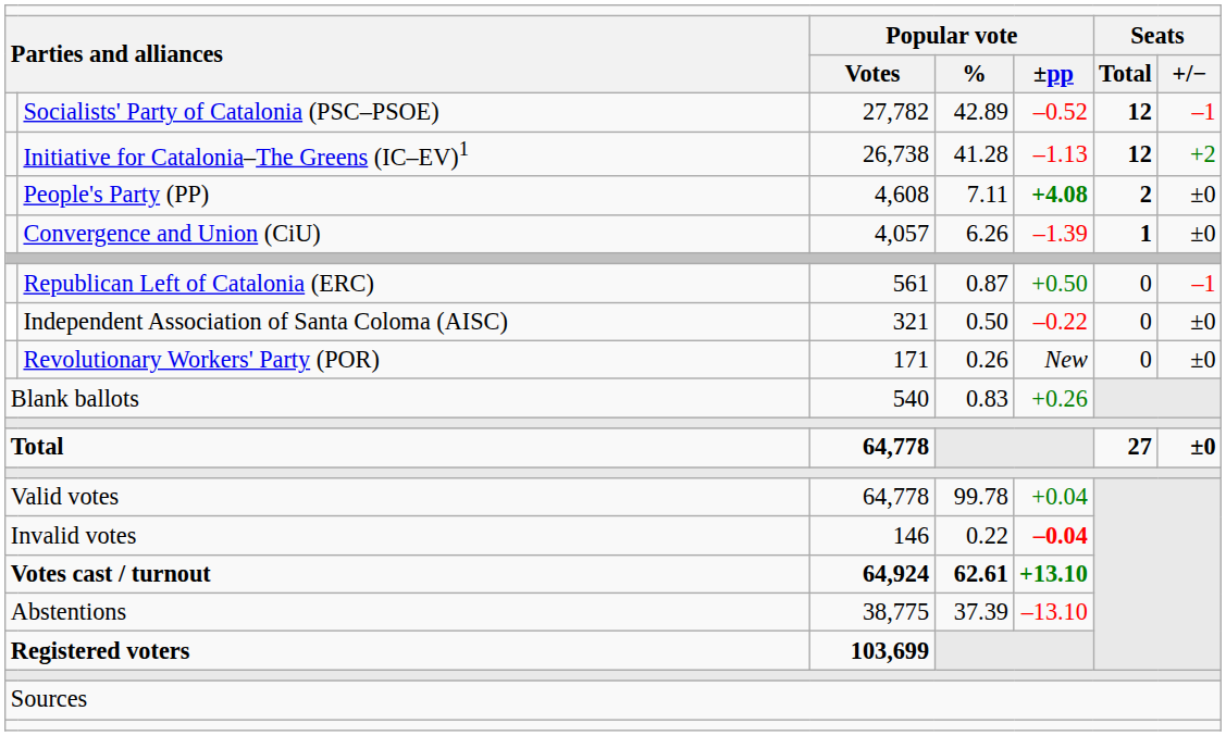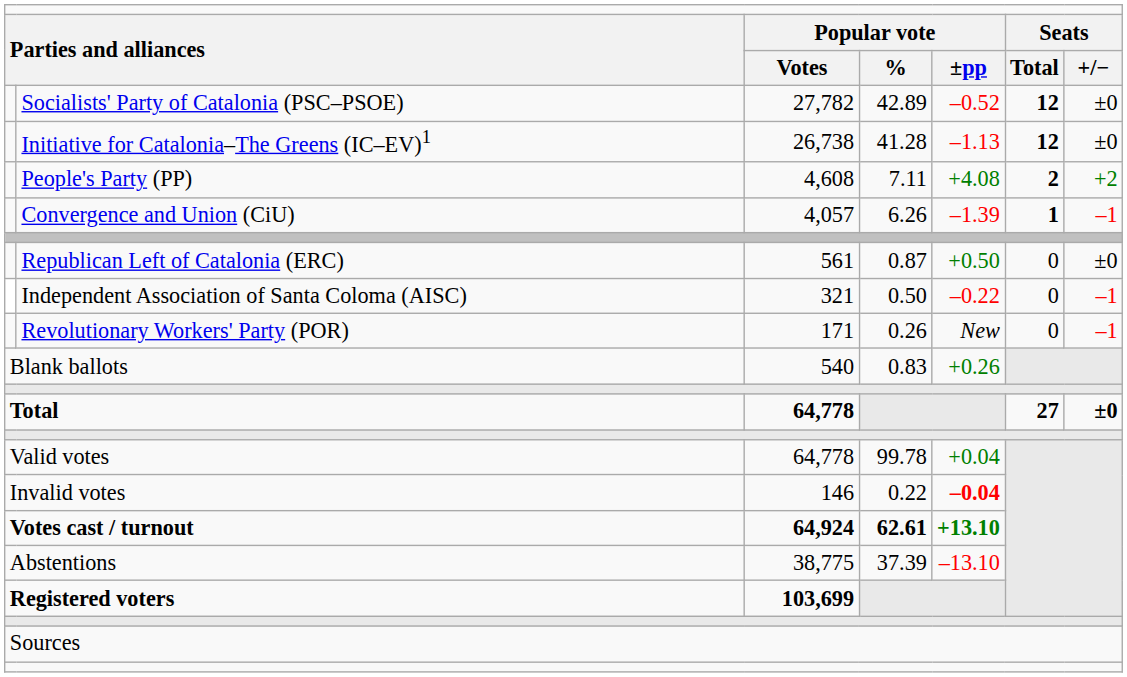 <table class="wikitable" style="text-align:right;">
 <tr>
 <td colspan="7"></td>
 </tr>
 <tr>
 <th style="text-align:left;" rowspan="2" colspan="2" width="525">Parties and alliances</th>
 <th colspan="3">Popular vote</th>
 <th colspan="2">Seats</th>
 </tr>
 <tr>
 <th width="75">Votes</th>
 <th width="45">%</th>
 <th width="45">±<a href='#'>pp</a></th>
 <th width="35">Total</th>
 <th width="35">+/−</th>
 </tr>
 <tr>
 <td width="1" style="color:inherit;background:"></td>
 <td align="left"><a href='#'>Socialists' Party of Catalonia</a> (PSC–PSOE)</td>
 <td>27,782</td>
 <td>42.89</td>
 <td style="color:red;">–0.52</td>
 <td><strong>12</strong></td>
-<td style="color:red;">–1</td>
+<td>±0</td>
 </tr>
 <tr>
 <td style="color:inherit;background:"></td>
 <td align="left"><a href='#'>Initiative for Catalonia</a>–<a href='#'>The Greens</a> (IC–EV)<sup>1</sup></td>
 <td>26,738</td>
 <td>41.28</td>
 <td style="color:red;">–1.13</td>
 <td><strong>12</strong></td>
-<td style="color:green;">+2</td>
+<td>±0</td>
 </tr>
 <tr>
 <td style="color:inherit;background:"></td>
 <td align="left"><a href='#'>People's Party</a> (PP)</td>
 <td>4,608</td>
 <td>7.11</td>
-<td style="color:green;"><strong>+4.08</strong></td>
+<td style="color:green;">+4.08</td>
 <td><strong>2</strong></td>
-<td>±0</td>
+<td style="color:green;">+2</td>
 </tr>
 <tr>
 <td style="color:inherit;background:"></td>
 <td align="left"><a href='#'>Convergence and Union</a> (CiU)</td>
 <td>4,057</td>
 <td>6.26</td>
 <td style="color:red;">–1.39</td>
 <td><strong>1</strong></td>
-<td>±0</td>
+<td style="color:red;">–1</td>
 </tr>
 <tr>
 <td colspan="7" style="color:inherit;background:#C0C0C0"></td>
 </tr>
 <tr>
 <td style="color:inherit;background:"></td>
 <td align="left"><a href='#'>Republican Left of Catalonia</a> (ERC)</td>
 <td>561</td>
 <td>0.87</td>
 <td style="color:green;">+0.50</td>
 <td>0</td>
-<td style="color:red;">–1</td>
+<td>±0</td>
 </tr>
 <tr>
 <td bgcolor="white"></td>
 <td align="left">Independent Association of Santa Coloma (AISC)</td>
 <td>321</td>
 <td>0.50</td>
 <td style="color:red;">–0.22</td>
 <td>0</td>
-<td>±0</td>
+<td style="color:red;">–1</td>
 </tr>
 <tr>
 <td style="color:inherit;background:"></td>
 <td align="left"><a href='#'>Revolutionary Workers' Party</a> (POR)</td>
 <td>171</td>
 <td>0.26</td>
 <td><em>New</em></td>
 <td>0</td>
-<td>±0</td>
+<td style="color:red;">–1</td>
 </tr>
 <tr>
 <td align="left" colspan="2">Blank ballots</td>
 <td>540</td>
 <td>0.83</td>
 <td style="color:green;">+0.26</td>
 <td style="color:inherit;background:#E9E9E9" colspan="2"></td>
 </tr>
 <tr>
 <td colspan="7" style="color:inherit;background:#E9E9E9"></td>
 </tr>
 <tr style="font-weight:bold;">
 <td align="left" colspan="2">Total</td>
 <td>64,778</td>
 <td bgcolor="#E9E9E9" colspan="2"></td>
 <td>27</td>
 <td>±0</td>
 </tr>
 <tr>
 <td colspan="7" style="color:inherit;background:#E9E9E9"></td>
 </tr>
 <tr>
 <td align="left" colspan="2">Valid votes</td>
 <td>64,778</td>
 <td>99.78</td>
 <td style="color:green;">+0.04</td>
 <td bgcolor="#E9E9E9" colspan="2" rowspan="5"></td>
 </tr>
 <tr>
 <td align="left" colspan="2">Invalid votes</td>
 <td>146</td>
 <td>0.22</td>
 <td style="color:red;"><strong>–0.04</strong></td>
 </tr>
 <tr style="font-weight:bold;">
 <td align="left" colspan="2">Votes cast / turnout</td>
 <td>64,924</td>
 <td>62.61</td>
 <td style="color:green;">+13.10</td>
 </tr>
 <tr>
 <td align="left" colspan="2">Abstentions</td>
 <td>38,775</td>
 <td>37.39</td>
 <td style="color:red;">–13.10</td>
 </tr>
 <tr style="font-weight:bold;">
 <td align="left" colspan="2">Registered voters</td>
 <td>103,699</td>
 <td bgcolor="#E9E9E9" colspan="2"></td>
 </tr>
 <tr>
 <td colspan="7" style="color:inherit;background:#E9E9E9"></td>
 </tr>
 <tr>
 <td align="left" colspan="7">Sources</td>
 </tr>
 <tr>
 <td colspan="7" style="text-align:left; max-width:790px;"></td>
 </tr>
 </table>
